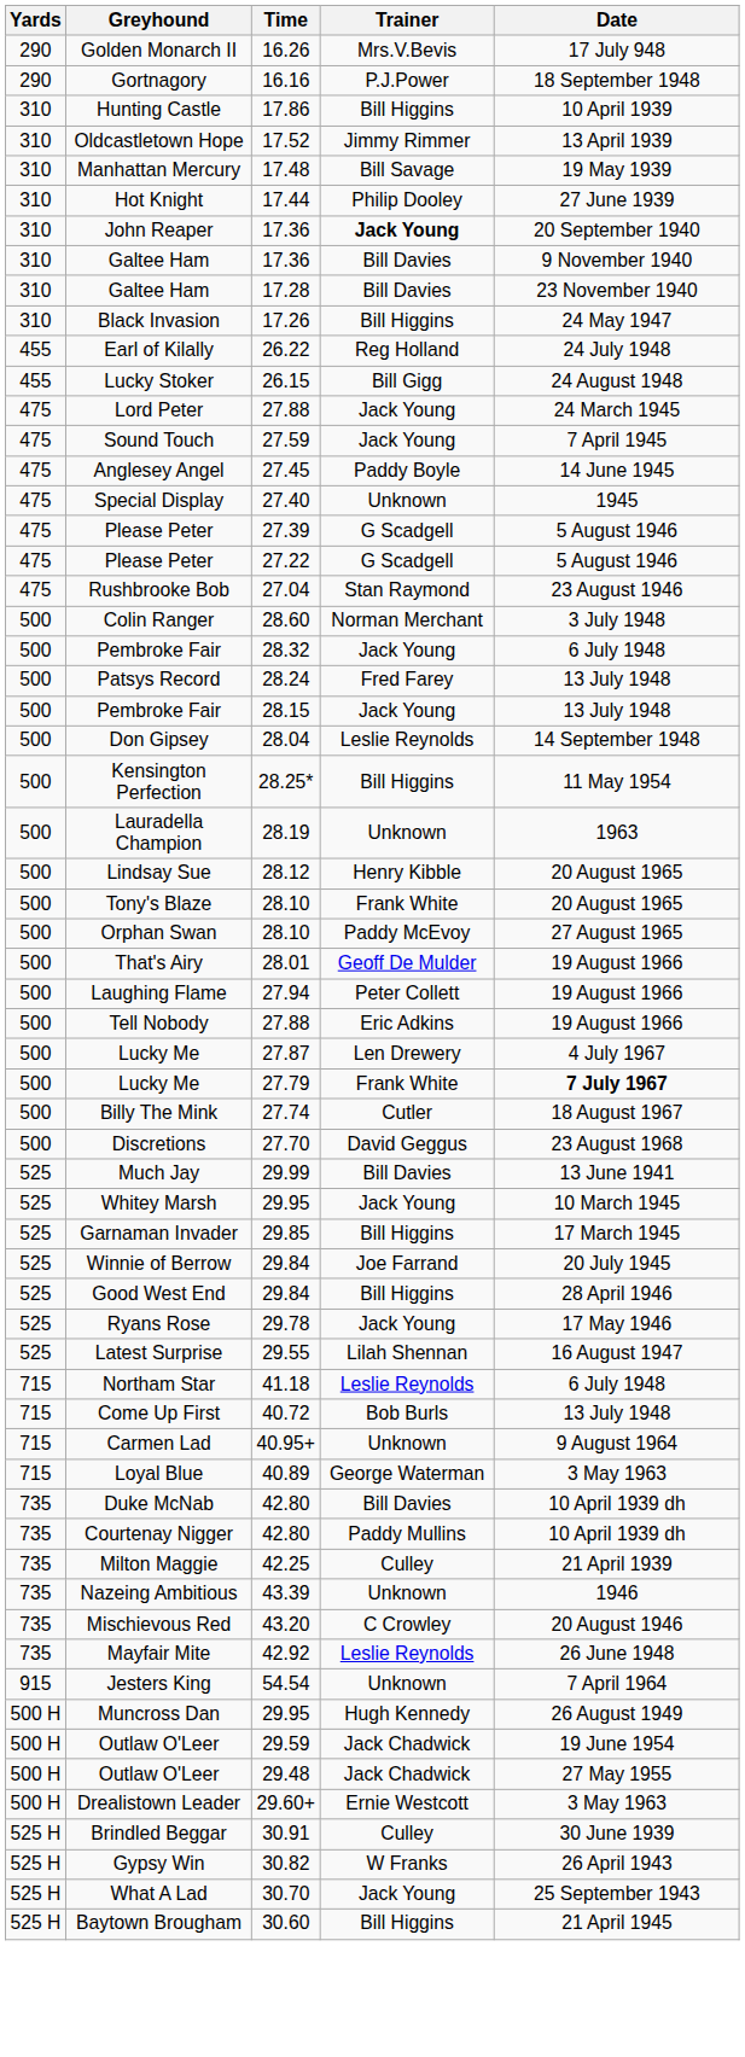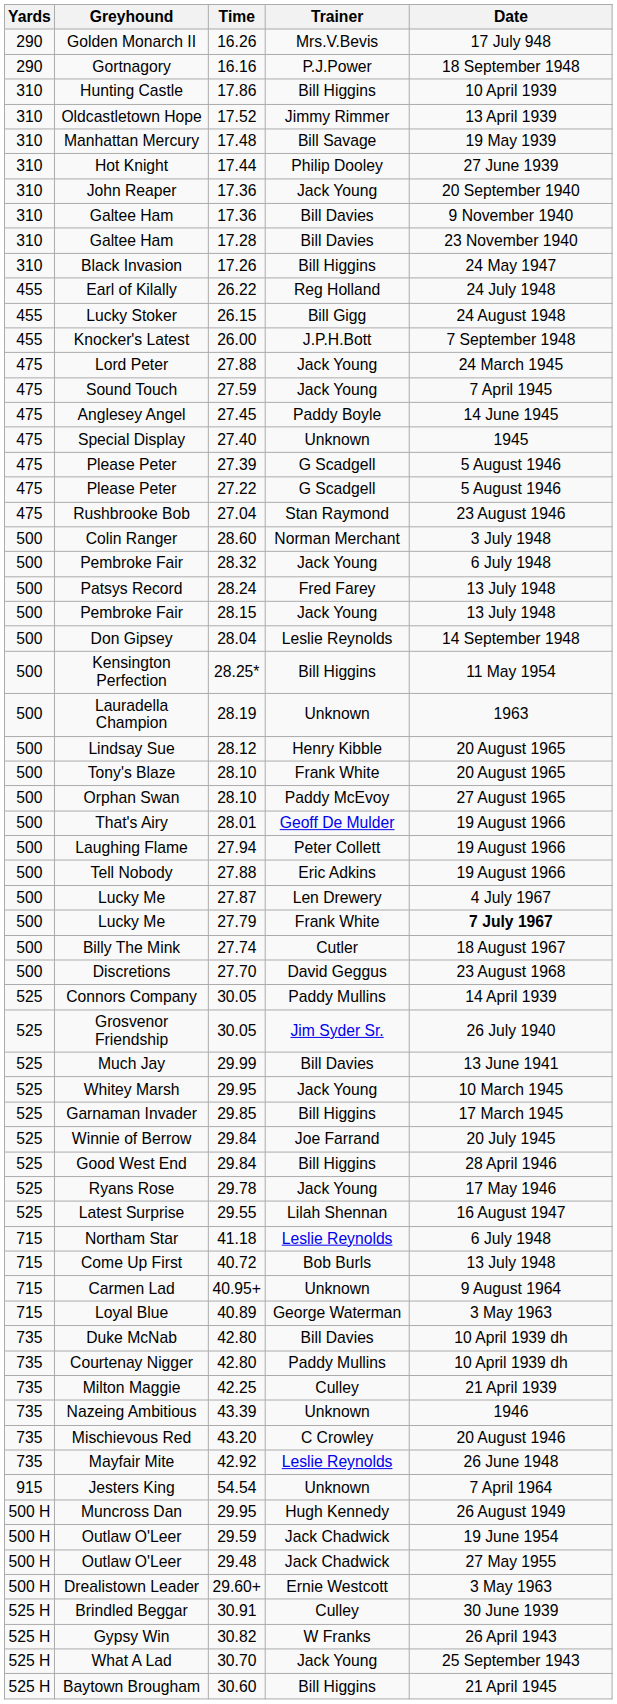 <table class="wikitable style=text-align:center">
 <tr>
 <th width=40>Yards</th>
 <th width=150>Greyhound</th>
 <th width=50>Time</th>
 <th width=140>Trainer</th>
 <th width=200>Date</th>
 </tr>
 <tr align=center>
 <td>290</td>
 <td>Golden Monarch II</td>
 <td>16.26</td>
 <td>Mrs.V.Bevis</td>
 <td>17 July 948</td>
 </tr>
 <tr align=center>
 <td>290</td>
 <td>Gortnagory</td>
 <td>16.16</td>
 <td>P.J.Power</td>
 <td>18 September 1948</td>
 </tr>
 <tr align=center>
 <td>310</td>
 <td>Hunting Castle</td>
 <td>17.86</td>
 <td>Bill Higgins</td>
 <td>10 April 1939</td>
 </tr>
 <tr align=center>
 <td>310</td>
 <td>Oldcastletown Hope</td>
 <td>17.52</td>
 <td>Jimmy Rimmer</td>
 <td>13 April 1939</td>
 </tr>
 <tr align=center>
 <td>310</td>
 <td>Manhattan Mercury</td>
 <td>17.48</td>
 <td>Bill Savage</td>
 <td>19 May 1939</td>
 </tr>
 <tr align=center>
 <td>310</td>
 <td>Hot Knight</td>
 <td>17.44</td>
 <td>Philip Dooley</td>
 <td>27 June 1939</td>
 </tr>
 <tr align=center>
 <td>310</td>
 <td>John Reaper</td>
 <td>17.36</td>
-<td><strong>Jack Young</strong></td>
+<td>Jack Young</td>
 <td>20 September 1940</td>
 </tr>
 <tr align=center>
 <td>310</td>
 <td>Galtee Ham</td>
 <td>17.36</td>
 <td>Bill Davies</td>
 <td>9 November 1940</td>
 </tr>
 <tr align=center>
 <td>310</td>
 <td>Galtee Ham</td>
 <td>17.28</td>
 <td>Bill Davies</td>
 <td>23 November 1940</td>
 </tr>
 <tr align=center>
 <td>310</td>
 <td>Black Invasion</td>
 <td>17.26</td>
 <td>Bill Higgins</td>
 <td>24 May 1947</td>
 </tr>
 <tr align=center>
 <td>455</td>
 <td>Earl of Kilally</td>
 <td>26.22</td>
 <td>Reg Holland</td>
 <td>24 July 1948</td>
 </tr>
 <tr align=center>
 <td>455</td>
 <td>Lucky Stoker</td>
 <td>26.15</td>
 <td>Bill Gigg</td>
 <td>24 August 1948</td>
+</tr>
+<tr align=center>
+<td>455</td>
+<td>Knocker's Latest</td>
+<td>26.00</td>
+<td>J.P.H.Bott</td>
+<td>7 September 1948</td>
 </tr>
 <tr align=center>
 <td>475</td>
 <td>Lord Peter</td>
 <td>27.88</td>
 <td>Jack Young</td>
 <td>24 March 1945</td>
 </tr>
 <tr align=center>
 <td>475</td>
 <td>Sound Touch</td>
 <td>27.59</td>
 <td>Jack Young</td>
 <td>7 April 1945</td>
 </tr>
 <tr align=center>
 <td>475</td>
 <td>Anglesey Angel</td>
 <td>27.45</td>
 <td>Paddy Boyle</td>
 <td>14 June 1945</td>
 </tr>
 <tr align=center>
 <td>475</td>
 <td>Special Display</td>
 <td>27.40</td>
 <td>Unknown</td>
 <td>1945</td>
 </tr>
 <tr align=center>
 <td>475</td>
 <td>Please Peter</td>
 <td>27.39</td>
 <td>G Scadgell</td>
 <td>5 August 1946</td>
 </tr>
 <tr align=center>
 <td>475</td>
 <td>Please Peter</td>
 <td>27.22</td>
 <td>G Scadgell</td>
 <td>5 August 1946</td>
 </tr>
 <tr align=center>
 <td>475</td>
 <td>Rushbrooke Bob</td>
 <td>27.04</td>
 <td>Stan Raymond</td>
 <td>23 August 1946</td>
 </tr>
 <tr align=center>
 <td>500</td>
 <td>Colin Ranger</td>
 <td>28.60</td>
 <td>Norman Merchant</td>
 <td>3 July 1948</td>
 </tr>
 <tr align=center>
 <td>500</td>
 <td>Pembroke Fair</td>
 <td>28.32</td>
 <td>Jack Young</td>
 <td>6 July 1948</td>
 </tr>
 <tr align=center>
 <td>500</td>
 <td>Patsys Record</td>
 <td>28.24</td>
 <td>Fred Farey</td>
 <td>13 July 1948</td>
 </tr>
 <tr align=center>
 <td>500</td>
 <td>Pembroke Fair</td>
 <td>28.15</td>
 <td>Jack Young</td>
 <td>13 July 1948</td>
 </tr>
 <tr align=center>
 <td>500</td>
 <td>Don Gipsey</td>
 <td>28.04</td>
 <td>Leslie Reynolds</td>
 <td>14 September 1948</td>
 </tr>
 <tr align=center>
 <td>500</td>
 <td>Kensington Perfection</td>
 <td>28.25*</td>
 <td>Bill Higgins</td>
 <td>11 May 1954</td>
 </tr>
 <tr align=center>
 <td>500</td>
 <td>Lauradella Champion</td>
 <td>28.19</td>
 <td>Unknown</td>
 <td>1963</td>
 </tr>
 <tr align=center>
 <td>500</td>
 <td>Lindsay Sue</td>
 <td>28.12</td>
 <td>Henry Kibble</td>
 <td>20 August 1965</td>
 </tr>
 <tr align=center>
 <td>500</td>
 <td>Tony's Blaze</td>
 <td>28.10</td>
 <td>Frank White</td>
 <td>20 August 1965</td>
 </tr>
 <tr align=center>
 <td>500</td>
 <td>Orphan Swan</td>
 <td>28.10</td>
 <td>Paddy McEvoy</td>
 <td>27 August 1965</td>
 </tr>
 <tr align=center>
 <td>500</td>
 <td>That's Airy</td>
 <td>28.01</td>
 <td><a href='#'>Geoff De Mulder</a></td>
 <td>19 August 1966</td>
 </tr>
 <tr align=center>
 <td>500</td>
 <td>Laughing Flame</td>
 <td>27.94</td>
 <td>Peter Collett</td>
 <td>19 August 1966</td>
 </tr>
 <tr align=center>
 <td>500</td>
 <td>Tell Nobody</td>
 <td>27.88</td>
 <td>Eric Adkins</td>
 <td>19 August 1966</td>
 </tr>
 <tr align=center>
 <td>500</td>
 <td>Lucky Me</td>
 <td>27.87</td>
 <td>Len Drewery</td>
 <td>4 July 1967</td>
 </tr>
 <tr align=center>
 <td>500</td>
 <td>Lucky Me</td>
 <td>27.79</td>
 <td>Frank White</td>
 <td><strong>7 July 1967</strong></td>
 </tr>
 <tr align=center>
 <td>500</td>
 <td>Billy The Mink</td>
 <td>27.74</td>
 <td>Cutler</td>
 <td>18 August 1967</td>
 </tr>
 <tr align=center>
 <td>500</td>
 <td>Discretions</td>
 <td>27.70</td>
 <td>David Geggus</td>
 <td>23 August 1968</td>
+</tr>
+<tr align=center>
+<td>525</td>
+<td>Connors Company</td>
+<td>30.05</td>
+<td>Paddy Mullins</td>
+<td>14 April 1939</td>
+</tr>
+<tr align=center>
+<td>525</td>
+<td>Grosvenor Friendship</td>
+<td>30.05</td>
+<td><a href='#'>Jim Syder Sr.</a></td>
+<td>26 July 1940</td>
 </tr>
 <tr align=center>
 <td>525</td>
 <td>Much Jay</td>
 <td>29.99</td>
 <td>Bill Davies</td>
 <td>13 June 1941</td>
 </tr>
 <tr align=center>
 <td>525</td>
 <td>Whitey Marsh</td>
 <td>29.95</td>
 <td>Jack Young</td>
 <td>10 March 1945</td>
 </tr>
 <tr align=center>
 <td>525</td>
 <td>Garnaman Invader</td>
 <td>29.85</td>
 <td>Bill Higgins</td>
 <td>17 March 1945</td>
 </tr>
 <tr align=center>
 <td>525</td>
 <td>Winnie of Berrow</td>
 <td>29.84</td>
 <td>Joe Farrand</td>
 <td>20 July 1945</td>
 </tr>
 <tr align=center>
 <td>525</td>
 <td>Good West End</td>
 <td>29.84</td>
 <td>Bill Higgins</td>
 <td>28 April 1946</td>
 </tr>
 <tr align=center>
 <td>525</td>
 <td>Ryans Rose</td>
 <td>29.78</td>
 <td>Jack Young</td>
 <td>17 May 1946</td>
 </tr>
 <tr align=center>
 <td>525</td>
 <td>Latest Surprise</td>
 <td>29.55</td>
 <td>Lilah Shennan</td>
 <td>16 August 1947</td>
 </tr>
 <tr align=center>
 <td>715</td>
 <td>Northam Star</td>
 <td>41.18</td>
 <td><a href='#'>Leslie Reynolds</a></td>
 <td>6 July 1948</td>
 </tr>
 <tr align=center>
 <td>715</td>
 <td>Come Up First</td>
 <td>40.72</td>
 <td>Bob Burls</td>
 <td>13 July 1948</td>
 </tr>
 <tr align=center>
 <td>715</td>
 <td>Carmen Lad</td>
 <td>40.95+</td>
 <td>Unknown</td>
 <td>9 August 1964</td>
 </tr>
 <tr align=center>
 <td>715</td>
 <td>Loyal Blue</td>
 <td>40.89</td>
 <td>George Waterman</td>
 <td>3 May 1963</td>
 </tr>
 <tr align=center>
 <td>735</td>
 <td>Duke McNab</td>
 <td>42.80</td>
 <td>Bill Davies</td>
 <td>10 April 1939 dh</td>
 </tr>
 <tr align=center>
 <td>735</td>
 <td>Courtenay Nigger</td>
 <td>42.80</td>
 <td>Paddy Mullins</td>
 <td>10 April 1939 dh</td>
 </tr>
 <tr align=center>
 <td>735</td>
 <td>Milton Maggie</td>
 <td>42.25</td>
 <td>Culley</td>
 <td>21 April 1939</td>
 </tr>
 <tr align=center>
 <td>735</td>
 <td>Nazeing Ambitious</td>
 <td>43.39</td>
 <td>Unknown</td>
 <td>1946</td>
 </tr>
 <tr align=center>
 <td>735</td>
 <td>Mischievous Red</td>
 <td>43.20</td>
 <td>C Crowley</td>
 <td>20 August 1946</td>
 </tr>
 <tr align=center>
 <td>735</td>
 <td>Mayfair Mite</td>
 <td>42.92</td>
 <td><a href='#'>Leslie Reynolds</a></td>
 <td>26 June 1948</td>
 </tr>
 <tr align=center>
 <td>915</td>
 <td>Jesters King</td>
 <td>54.54</td>
 <td>Unknown</td>
 <td>7 April 1964</td>
 </tr>
 <tr align=center>
 <td>500 H</td>
 <td>Muncross Dan</td>
 <td>29.95</td>
 <td>Hugh Kennedy</td>
 <td>26 August 1949</td>
 </tr>
 <tr align=center>
 <td>500 H</td>
 <td>Outlaw O'Leer</td>
 <td>29.59</td>
 <td>Jack Chadwick</td>
 <td>19 June 1954</td>
 </tr>
 <tr align=center>
 <td>500 H</td>
 <td>Outlaw O'Leer</td>
 <td>29.48</td>
 <td>Jack Chadwick</td>
 <td>27 May 1955</td>
 </tr>
 <tr align=center>
 <td>500 H</td>
 <td>Drealistown Leader</td>
 <td>29.60+</td>
 <td>Ernie Westcott</td>
 <td>3 May 1963</td>
 </tr>
 <tr align=center>
 <td>525 H</td>
 <td>Brindled Beggar</td>
 <td>30.91</td>
 <td>Culley</td>
 <td>30 June 1939</td>
 </tr>
 <tr align=center>
 <td>525 H</td>
 <td>Gypsy Win</td>
 <td>30.82</td>
 <td>W Franks</td>
 <td>26 April 1943</td>
 </tr>
 <tr align=center>
 <td>525 H</td>
 <td>What A Lad</td>
 <td>30.70</td>
 <td>Jack Young</td>
 <td>25 September 1943</td>
 </tr>
 <tr align=center>
 <td>525 H</td>
 <td>Baytown Brougham</td>
 <td>30.60</td>
 <td>Bill Higgins</td>
 <td>21 April 1945</td>
 </tr>
 </table>
